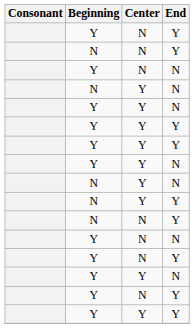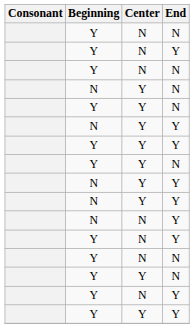 <table class="wikitable" style="margin: 1em auto 1em auto; text-align: center;">
 <tr>
 <th colspan=1>Consonant</th>
 <th>Beginning</th>
 <th>Center</th>
 <th>End</th>
 </tr>
 <tr>
 <th></th>
 <td>Y</td>
 <td>N</td>
-<td>Y</td>
+<td>N</td>
 </tr>
 <tr>
 <th></th>
-<td>N</td>
+<td>Y</td>
 <td>N</td>
 <td>Y</td>
 </tr>
 <tr>
 <th></th>
 <td>Y</td>
 <td>N</td>
 <td>N</td>
 </tr>
 <tr>
 <th></th>
 <td>N</td>
 <td>Y</td>
 <td>N</td>
 </tr>
 <tr>
 <th></th>
 <td>Y</td>
 <td>Y</td>
 <td>N</td>
 </tr>
 <tr>
 <th></th>
-<td>Y</td>
+<td>N</td>
 <td>Y</td>
 <td>Y</td>
 </tr>
 <tr>
 <th></th>
 <td>Y</td>
 <td>Y</td>
 <td>Y</td>
 </tr>
 <tr>
 <th></th>
 <td>Y</td>
 <td>Y</td>
 <td>N</td>
 </tr>
 <tr>
 <th></th>
 <td>N</td>
 <td>Y</td>
-<td>N</td>
+<td>Y</td>
 </tr>
 <tr>
 <th></th>
 <td>N</td>
 <td>Y</td>
 <td>Y</td>
 </tr>
 <tr>
 <th></th>
 <td>N</td>
 <td>N</td>
 <td>Y</td>
 </tr>
 <tr>
 <th></th>
 <td>Y</td>
 <td>N</td>
-<td>N</td>
+<td>Y</td>
 </tr>
 <tr>
 <th></th>
 <td>Y</td>
 <td>N</td>
-<td>Y</td>
+<td>N</td>
 </tr>
 <tr>
 <th></th>
 <td>Y</td>
 <td>Y</td>
 <td>N</td>
 </tr>
 <tr>
 <th></th>
 <td>Y</td>
 <td>N</td>
 <td>Y</td>
 </tr>
 <tr>
 <th></th>
 <td>Y</td>
 <td>Y</td>
 <td>Y</td>
 </tr>
 <tr>
 </tr>
 </table>
